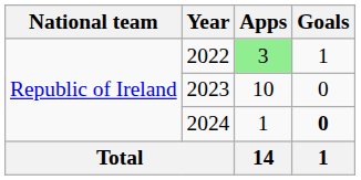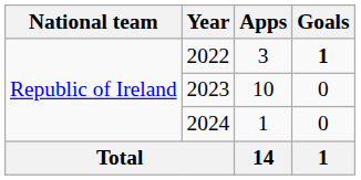 <table class="wikitable" style="text-align:center">
 <tr>
 <th>National team</th>
 <th>Year</th>
 <th>Apps</th>
 <th>Goals</th>
 </tr>
 <tr>
 <td rowspan="3"><a href='#'>Republic of Ireland</a></td>
 <td scope="row">2022</td>
-<td style="background: lightgreen;">3</td>
-<td>1</td>
+<td>3</td>
+<td><strong>1</strong></td>
 </tr>
 <tr>
 <td scope="row">2023</td>
 <td>10</td>
 <td>0</td>
 </tr>
 <tr>
 <td>2024</td>
 <td>1</td>
-<td><strong>0</strong></td>
+<td>0</td>
 </tr>
 <tr>
 <th colspan="2">Total</th>
 <th>14</th>
 <th>1</th>
 </tr>
 </table>
